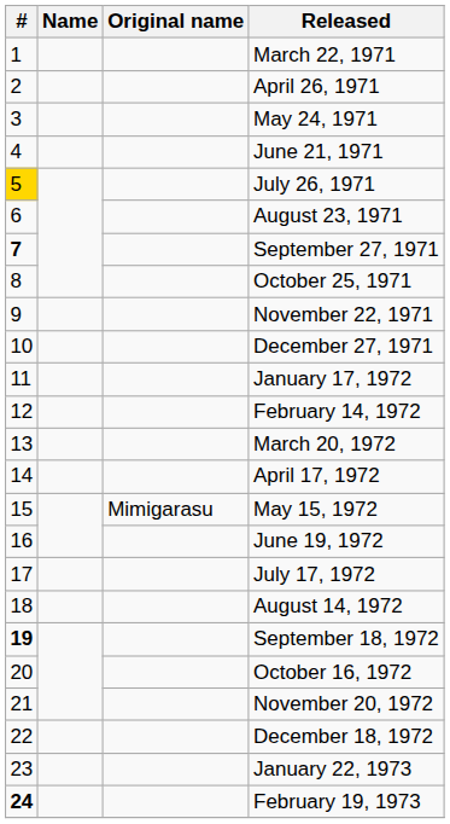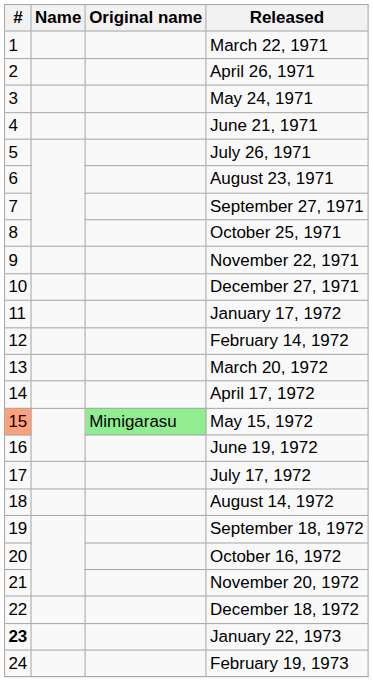 <table class="wikitable">
 <tr>
 <th>#</th>
 <th>Name</th>
 <th>Original name</th>
 <th>Released</th>
 </tr>
 <tr>
 <td>1</td>
 <td></td>
 <td></td>
 <td>March 22, 1971</td>
 </tr>
 <tr>
 <td>2</td>
 <td></td>
 <td></td>
 <td>April 26, 1971</td>
 </tr>
 <tr>
 <td>3</td>
 <td></td>
 <td></td>
 <td>May 24, 1971</td>
 </tr>
 <tr>
 <td>4</td>
 <td></td>
 <td></td>
 <td>June 21, 1971</td>
 </tr>
 <tr>
-<td style="background: gold;">5</td>
+<td>5</td>
 <td rowspan=4></td>
 <td></td>
 <td>July 26, 1971</td>
 </tr>
 <tr>
 <td>6</td>
 <td></td>
 <td>August 23, 1971</td>
 </tr>
 <tr>
-<td><strong>7</strong></td>
+<td>7</td>
 <td></td>
 <td>September 27, 1971</td>
 </tr>
 <tr>
 <td>8</td>
 <td></td>
 <td>October 25, 1971</td>
 </tr>
 <tr>
 <td>9</td>
 <td></td>
 <td></td>
 <td>November 22, 1971</td>
 </tr>
 <tr>
 <td>10</td>
 <td></td>
 <td></td>
 <td>December 27, 1971</td>
 </tr>
 <tr>
 <td>11</td>
 <td></td>
 <td></td>
 <td>January 17, 1972</td>
 </tr>
 <tr>
 <td>12</td>
 <td></td>
 <td></td>
 <td>February 14, 1972</td>
 </tr>
 <tr>
 <td>13</td>
 <td></td>
 <td></td>
 <td>March 20, 1972</td>
 </tr>
 <tr>
 <td>14</td>
 <td></td>
 <td></td>
 <td>April 17, 1972</td>
 </tr>
 <tr>
-<td>15</td>
+<td style="background: lightsalmon;">15</td>
 <td rowspan=2></td>
-<td>Mimigarasu</td>
+<td style="background: lightgreen;">Mimigarasu</td>
 <td>May 15, 1972</td>
 </tr>
 <tr>
 <td>16</td>
 <td></td>
 <td>June 19, 1972</td>
 </tr>
 <tr>
 <td>17</td>
 <td></td>
 <td></td>
 <td>July 17, 1972</td>
 </tr>
 <tr>
 <td>18</td>
 <td></td>
 <td></td>
 <td>August 14, 1972</td>
 </tr>
 <tr>
-<td><strong>19</strong></td>
+<td>19</td>
 <td rowspan=3></td>
 <td></td>
 <td>September 18, 1972</td>
 </tr>
 <tr>
 <td>20</td>
 <td></td>
 <td>October 16, 1972</td>
 </tr>
 <tr>
 <td>21</td>
 <td></td>
 <td>November 20, 1972</td>
 </tr>
 <tr>
 <td>22</td>
 <td></td>
 <td></td>
 <td>December 18, 1972</td>
 </tr>
 <tr>
-<td>23</td>
+<td><strong>23</strong></td>
 <td></td>
 <td></td>
 <td>January 22, 1973</td>
 </tr>
 <tr>
-<td><strong>24</strong></td>
+<td>24</td>
 <td></td>
 <td></td>
 <td>February 19, 1973</td>
 </tr>
 <tr>
 </tr>
 </table>
